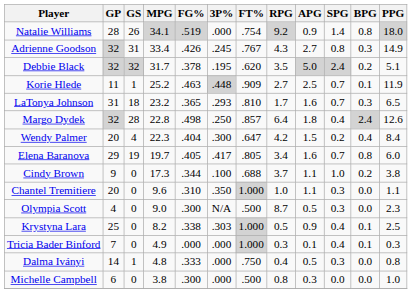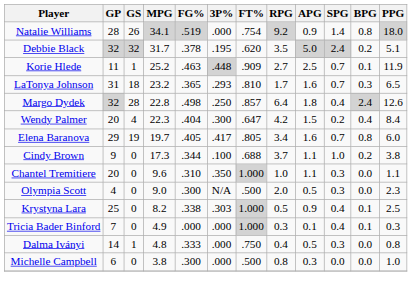 <table class="wikitable sortable" style="text-align:center;">
 <tr>
 <th>Player</th>
 <th>GP</th>
 <th>GS</th>
 <th>MPG</th>
 <th>FG%</th>
 <th>3P%</th>
 <th>FT%</th>
 <th>RPG</th>
 <th>APG</th>
 <th>SPG</th>
 <th>BPG</th>
 <th>PPG</th>
 </tr>
 <tr>
 <td><a href='#'>Natalie Williams</a></td>
 <td>28</td>
 <td>26</td>
 <td style="background:#D3D3D3;">34.1</td>
 <td style="background:#D3D3D3;">.519</td>
 <td>.000</td>
 <td>.754</td>
 <td style="background:#D3D3D3;">9.2</td>
 <td>0.9</td>
 <td>1.4</td>
 <td>0.8</td>
 <td style="background:#D3D3D3;">18.0</td>
-</tr>
-<tr>
-<td><a href='#'>Adrienne Goodson</a></td>
-<td style="background:#D3D3D3;">32</td>
-<td>31</td>
-<td>33.4</td>
-<td>.426</td>
-<td>.245</td>
-<td>.767</td>
-<td>4.3</td>
-<td>2.7</td>
-<td>0.8</td>
-<td>0.3</td>
-<td>14.9</td>
 </tr>
 <tr>
 <td><a href='#'>Debbie Black</a></td>
 <td style="background:#D3D3D3;">32</td>
 <td style="background:#D3D3D3;">32</td>
 <td>31.7</td>
 <td>.378</td>
 <td>.195</td>
 <td>.620</td>
 <td>3.5</td>
 <td style="background:#D3D3D3;">5.0</td>
 <td style="background:#D3D3D3;">2.4</td>
 <td>0.2</td>
 <td>5.1</td>
 </tr>
 <tr>
 <td><a href='#'>Korie Hlede</a></td>
 <td>11</td>
 <td>1</td>
 <td>25.2</td>
 <td>.463</td>
 <td style="background:#D3D3D3;">.448</td>
 <td>.909</td>
 <td>2.7</td>
 <td>2.5</td>
 <td>0.7</td>
 <td>0.1</td>
 <td>11.9</td>
 </tr>
 <tr>
 <td><a href='#'>LaTonya Johnson</a></td>
 <td>31</td>
 <td>18</td>
 <td>23.2</td>
 <td>.365</td>
 <td>.293</td>
 <td>.810</td>
 <td>1.7</td>
 <td>1.6</td>
 <td>0.7</td>
 <td>0.3</td>
 <td>6.5</td>
 </tr>
 <tr>
 <td><a href='#'>Margo Dydek</a></td>
 <td style="background:#D3D3D3;">32</td>
 <td>28</td>
 <td>22.8</td>
 <td>.498</td>
 <td>.250</td>
 <td>.857</td>
 <td>6.4</td>
 <td>1.8</td>
 <td>0.4</td>
 <td style="background:#D3D3D3;">2.4</td>
 <td>12.6</td>
 </tr>
 <tr>
 <td><a href='#'>Wendy Palmer</a></td>
 <td>20</td>
 <td>4</td>
 <td>22.3</td>
 <td>.404</td>
 <td>.300</td>
 <td>.647</td>
 <td>4.2</td>
 <td>1.5</td>
 <td>0.2</td>
 <td>0.4</td>
 <td>8.4</td>
 </tr>
 <tr>
 <td><a href='#'>Elena Baranova</a></td>
 <td>29</td>
 <td>19</td>
 <td>19.7</td>
 <td>.405</td>
 <td>.417</td>
 <td>.805</td>
 <td>3.4</td>
 <td>1.6</td>
 <td>0.7</td>
 <td>0.8</td>
 <td>6.0</td>
 </tr>
 <tr>
 <td><a href='#'>Cindy Brown</a></td>
 <td>9</td>
 <td>0</td>
 <td>17.3</td>
 <td>.344</td>
 <td>.100</td>
 <td>.688</td>
 <td>3.7</td>
 <td>1.1</td>
 <td>1.0</td>
 <td>0.2</td>
 <td>3.8</td>
 </tr>
 <tr>
 <td><a href='#'>Chantel Tremitiere</a></td>
 <td>20</td>
 <td>0</td>
 <td>9.6</td>
 <td>.310</td>
 <td>.350</td>
 <td style="background:#D3D3D3;">1.000</td>
 <td>1.0</td>
 <td>1.1</td>
 <td>0.3</td>
 <td>0.0</td>
 <td>1.1</td>
 </tr>
 <tr>
 <td><a href='#'>Olympia Scott</a></td>
 <td>4</td>
 <td>0</td>
 <td>9.0</td>
 <td>.300</td>
 <td>N/A</td>
 <td>.500</td>
-<td>8.7</td>
+<td>2.0</td>
 <td>0.5</td>
 <td>0.3</td>
 <td>0.0</td>
 <td>2.3</td>
 </tr>
 <tr>
 <td><a href='#'>Krystyna Lara</a></td>
 <td>25</td>
 <td>0</td>
 <td>8.2</td>
 <td>.338</td>
 <td>.303</td>
 <td style="background:#D3D3D3;">1.000</td>
 <td>0.5</td>
 <td>0.9</td>
 <td>0.4</td>
 <td>0.1</td>
 <td>2.5</td>
 </tr>
 <tr>
 <td><a href='#'>Tricia Bader Binford</a></td>
 <td>7</td>
 <td>0</td>
 <td>4.9</td>
 <td>.000</td>
 <td>.000</td>
 <td style="background:#D3D3D3;">1.000</td>
 <td>0.3</td>
 <td>0.1</td>
 <td>0.4</td>
 <td>0.1</td>
 <td>0.3</td>
 </tr>
 <tr>
 <td><a href='#'>Dalma Iványi</a></td>
 <td>14</td>
 <td>1</td>
 <td>4.8</td>
 <td>.333</td>
 <td>.000</td>
 <td>.750</td>
 <td>0.4</td>
 <td>0.5</td>
 <td>0.3</td>
 <td>0.0</td>
 <td>0.8</td>
 </tr>
 <tr>
 <td><a href='#'>Michelle Campbell</a></td>
 <td>6</td>
 <td>0</td>
 <td>3.8</td>
 <td>.300</td>
 <td>.000</td>
 <td>.500</td>
 <td>0.8</td>
 <td>0.3</td>
 <td>0.0</td>
 <td>0.0</td>
 <td>1.0</td>
 </tr>
 <tr>
 </tr>
 </table>
